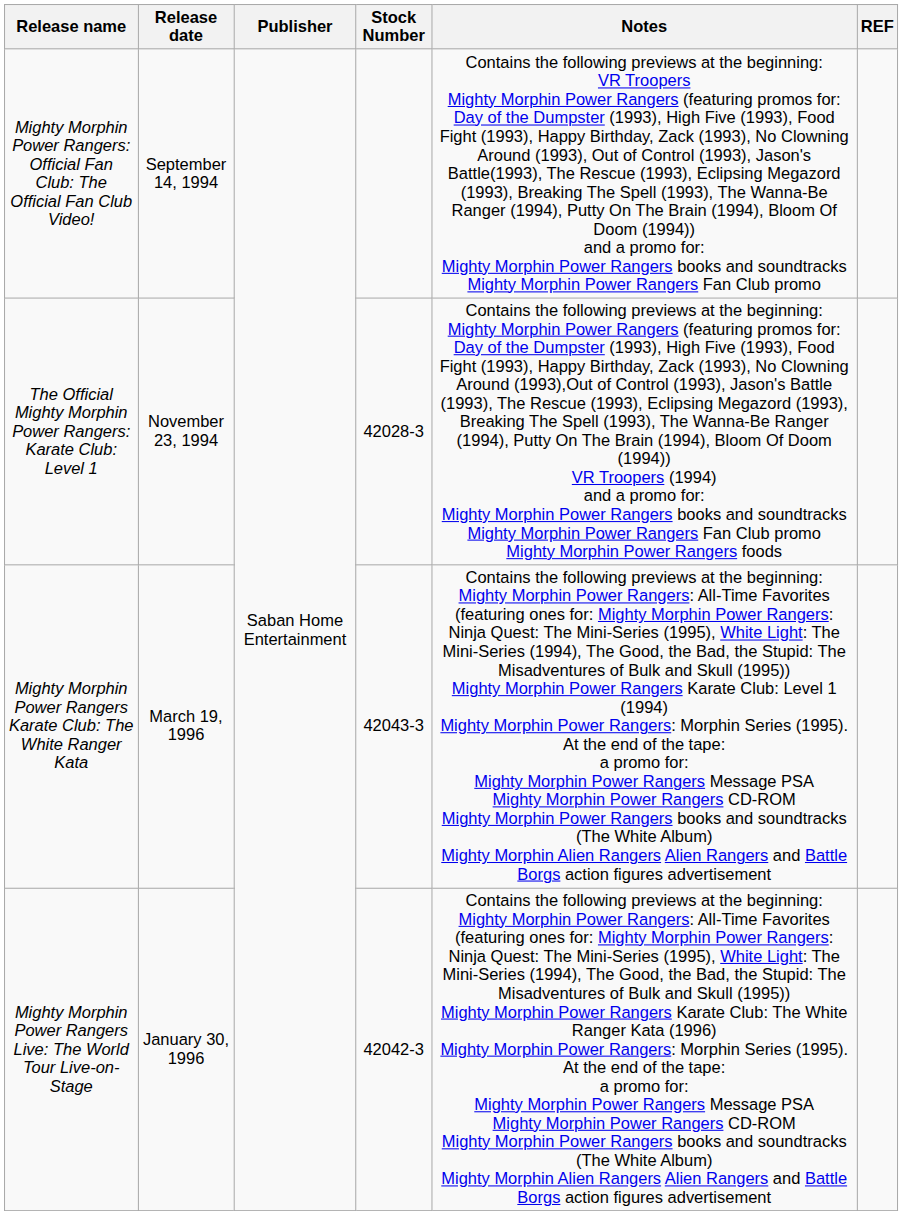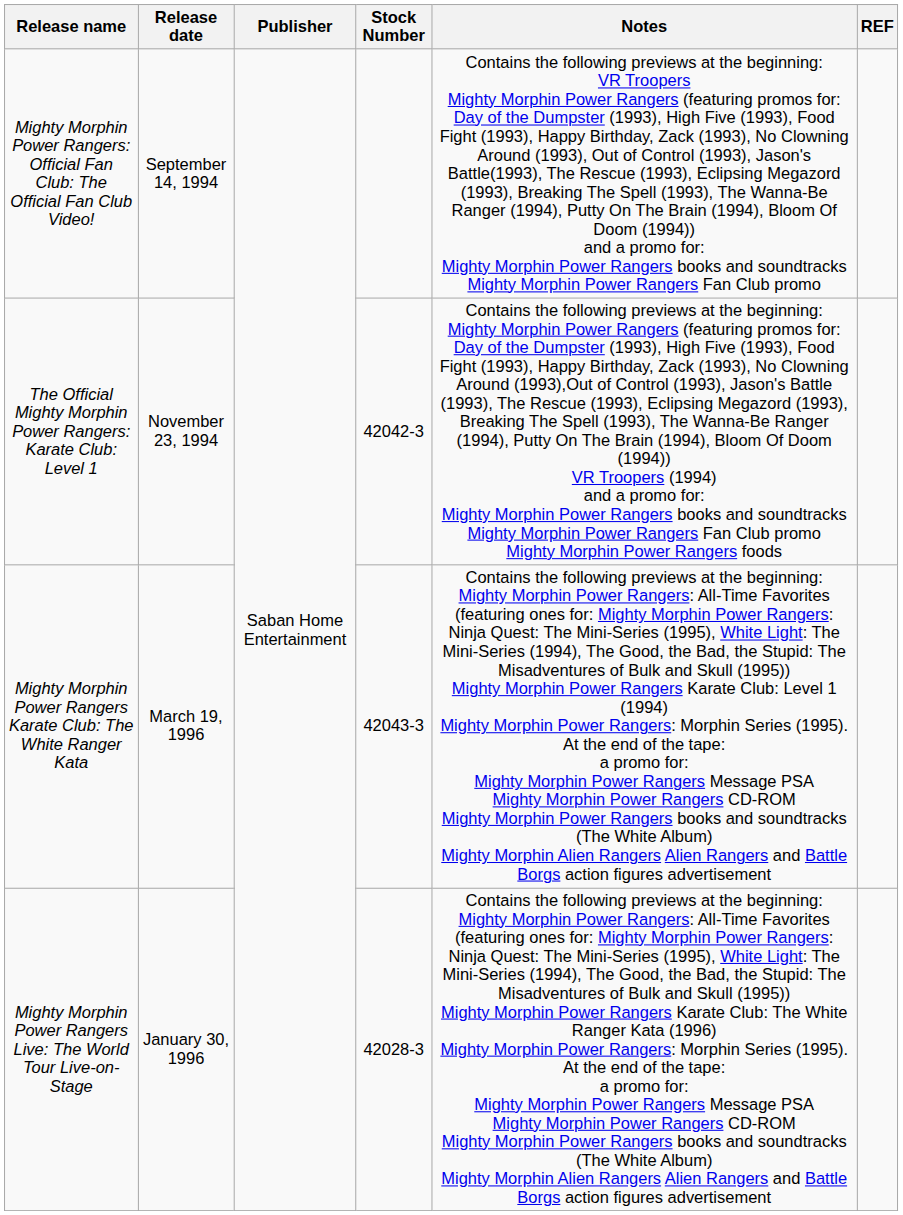 <table class="wikitable">
 <tr>
 <th>Release name<br></th>
 <th>Release date<br></th>
 <th>Publisher <br></th>
 <th>Stock Number <br></th>
 <th>Notes <br></th>
 <th>REF</th>
 </tr>
 <tr style="text-align:center;">
 <td><em>Mighty Morphin Power Rangers: Official Fan Club: The Official Fan Club Video!</em></td>
 <td>September 14, 1994</td>
 <td rowspan="4">Saban Home Entertainment</td>
 <td></td>
 <td>Contains the following previews at the beginning:<br><a href='#'>VR Troopers</a><br><a href='#'>Mighty Morphin Power Rangers</a> (featuring promos for: <a href='#'>Day of the Dumpster</a> (1993), High Five (1993), Food Fight (1993), Happy Birthday, Zack (1993), No Clowning Around (1993), Out of Control (1993), Jason's Battle(1993), The Rescue (1993), Eclipsing Megazord (1993), Breaking The Spell (1993), The Wanna-Be Ranger (1994), Putty On The Brain (1994), Bloom Of Doom (1994))<br>and a promo for:<br><a href='#'>Mighty Morphin Power Rangers</a> books and soundtracks<br><a href='#'>Mighty Morphin Power Rangers</a> Fan Club promo</td>
 <td></td>
 </tr>
 <tr style="text-align:center;">
 <td><em>The Official Mighty Morphin Power Rangers: Karate Club: Level 1</em></td>
 <td>November 23, 1994</td>
-<td>42028-3</td>
+<td>42042-3</td>
 <td>Contains the following previews at the beginning:<br><a href='#'>Mighty Morphin Power Rangers</a> (featuring promos for: <a href='#'>Day of the Dumpster</a> (1993), High Five (1993), Food Fight (1993), Happy Birthday, Zack (1993), No Clowning Around (1993),Out of Control (1993), Jason's Battle (1993), The Rescue (1993), Eclipsing Megazord (1993), Breaking The Spell (1993), The Wanna-Be Ranger (1994), Putty On The Brain (1994), Bloom Of Doom (1994))<br><a href='#'>VR Troopers</a> (1994)<br>and a promo for:<br><a href='#'>Mighty Morphin Power Rangers</a> books and soundtracks<br><a href='#'>Mighty Morphin Power Rangers</a> Fan Club promo<br><a href='#'>Mighty Morphin Power Rangers</a> foods</td>
 <td></td>
 </tr>
 <tr style="text-align:center;">
 <td><em>Mighty Morphin Power Rangers Karate Club: The White Ranger Kata</em></td>
 <td>March 19, 1996</td>
 <td>42043-3</td>
 <td>Contains the following previews at the beginning:<br><a href='#'>Mighty Morphin Power Rangers</a>: All-Time Favorites (featuring ones for: <a href='#'>Mighty Morphin Power Rangers</a>: Ninja Quest: The Mini-Series (1995), <a href='#'>White Light</a>: The Mini-Series (1994), The Good, the Bad, the Stupid: The Misadventures of Bulk and Skull (1995))<br><a href='#'>Mighty Morphin Power Rangers</a> Karate Club: Level 1 (1994)<br><a href='#'>Mighty Morphin Power Rangers</a>: Morphin Series (1995).<br>At the end of the tape:<br>a promo for:<br><a href='#'>Mighty Morphin Power Rangers</a> Message PSA<br><a href='#'>Mighty Morphin Power Rangers</a> CD-ROM<br><a href='#'>Mighty Morphin Power Rangers</a> books and soundtracks (The White Album)<br><a href='#'>Mighty Morphin Alien Rangers</a> <a href='#'>Alien Rangers</a> and <a href='#'>Battle Borgs</a> action figures advertisement</td>
 <td></td>
 </tr>
 <tr style="text-align:center;">
 <td><em>Mighty Morphin Power Rangers Live: The World Tour Live-on-Stage</em></td>
 <td>January 30, 1996</td>
-<td>42042-3</td>
+<td>42028-3</td>
 <td>Contains the following previews at the beginning:<br><a href='#'>Mighty Morphin Power Rangers</a>: All-Time Favorites (featuring ones for: <a href='#'>Mighty Morphin Power Rangers</a>: Ninja Quest: The Mini-Series (1995), <a href='#'>White Light</a>: The Mini-Series (1994), The Good, the Bad, the Stupid: The Misadventures of Bulk and Skull (1995))<br><a href='#'>Mighty Morphin Power Rangers</a> Karate Club: The White Ranger Kata (1996)<br><a href='#'>Mighty Morphin Power Rangers</a>: Morphin Series (1995).<br>At the end of the tape:<br>a promo for:<br><a href='#'>Mighty Morphin Power Rangers</a> Message PSA<br><a href='#'>Mighty Morphin Power Rangers</a> CD-ROM<br><a href='#'>Mighty Morphin Power Rangers</a> books and soundtracks (The White Album)<br><a href='#'>Mighty Morphin Alien Rangers</a> <a href='#'>Alien Rangers</a> and <a href='#'>Battle Borgs</a> action figures advertisement</td>
 <td></td>
 </tr>
 </table>
